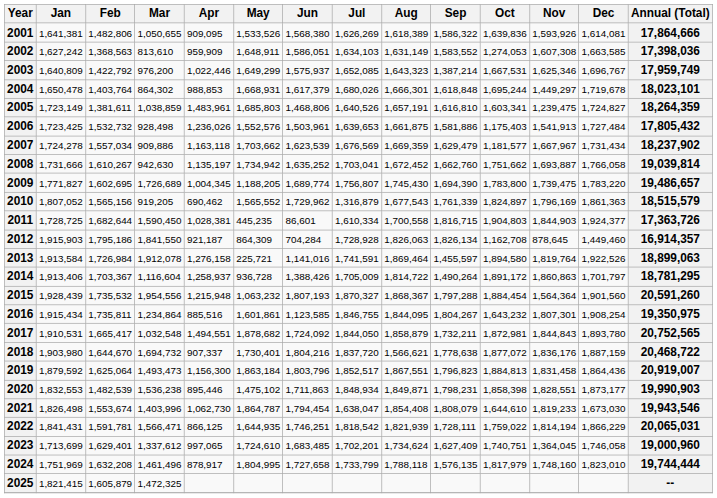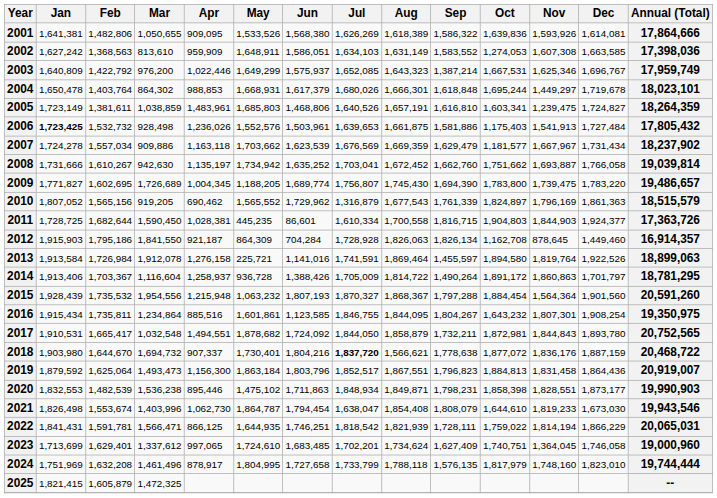 <table class="wikitable">
 <tr>
 <th>Year</th>
 <th>Jan</th>
 <th>Feb</th>
 <th>Mar</th>
 <th>Apr</th>
 <th>May</th>
 <th>Jun</th>
 <th>Jul</th>
 <th>Aug</th>
 <th>Sep</th>
 <th>Oct</th>
 <th>Nov</th>
 <th>Dec</th>
 <th>Annual (Total)</th>
 </tr>
 <tr>
 <th>2001</th>
 <td><small>1,641,381</small></td>
 <td><small>1,482,806</small></td>
 <td><small>1,050,655</small></td>
 <td><small>909,095</small></td>
 <td><small>1,533,526</small></td>
 <td><small>1,568,380</small></td>
 <td><small>1,626,269</small></td>
 <td><small>1,618,389</small></td>
 <td><small>1,586,322</small></td>
 <td><small>1,639,836</small></td>
 <td><small>1,593,926</small></td>
 <td><small>1,614,081</small></td>
 <th>17,864,666</th>
 </tr>
 <tr>
 <th>2002</th>
 <td><small>1,627,242</small></td>
 <td><small>1,368,563</small></td>
 <td><small>813,610</small></td>
 <td><small>959,909</small></td>
 <td><small>1,648,911</small></td>
 <td><small>1,586,051</small></td>
 <td><small>1,634,103</small></td>
 <td><small>1,631,149</small></td>
 <td><small>1,583,552</small></td>
 <td><small>1,274,053</small></td>
 <td><small>1,607,308</small></td>
 <td><small>1,663,585</small></td>
 <th>17,398,036</th>
 </tr>
 <tr>
 <th>2003</th>
 <td><small>1,640,809</small></td>
 <td><small>1,422,792</small></td>
 <td><small>976,200</small></td>
 <td><small>1,022,446</small></td>
 <td><small>1,649,299</small></td>
 <td><small>1,575,937</small></td>
 <td><small>1,652,085</small></td>
 <td><small>1,643,323</small></td>
 <td><small>1,387,214</small></td>
 <td><small>1,667,531</small></td>
 <td><small>1,625,346</small></td>
 <td><small>1,696,767</small></td>
 <th>17,959,749</th>
 </tr>
 <tr>
 <th>2004</th>
 <td><small>1,650,478</small></td>
 <td><small>1,403,764</small></td>
 <td><small>864,302</small></td>
 <td><small>988,853</small></td>
 <td><small>1,668,931</small></td>
 <td><small>1,617,379</small></td>
 <td><small>1,680,026</small></td>
 <td><small>1,666,301</small></td>
 <td><small>1,618,848</small></td>
 <td><small>1,695,244</small></td>
 <td><small>1,449,297</small></td>
 <td><small>1,719,678</small></td>
 <th>18,023,101</th>
 </tr>
 <tr>
 <th>2005</th>
 <td><small>1,723,149</small></td>
 <td><small>1,381,611</small></td>
 <td><small>1,038,859</small></td>
 <td><small>1,483,961</small></td>
 <td><small>1,685,803</small></td>
 <td><small>1,468,806</small></td>
 <td><small>1,640,526</small></td>
 <td><small>1,657,191</small></td>
 <td><small>1,616,810</small></td>
 <td><small>1,603,341</small></td>
 <td><small>1,239,475</small></td>
 <td><small>1,724,827</small></td>
 <th>18,264,359</th>
 </tr>
 <tr>
 <th>2006</th>
-<td><small>1,723,425</small></td>
+<td><strong><small>1,723,425</small></strong></td>
 <td><small>1,532,732</small></td>
 <td><small>928,498</small></td>
 <td><small>1,236,026</small></td>
 <td><small>1,552,576</small></td>
 <td><small>1,503,961</small></td>
 <td><small>1,639,653</small></td>
 <td><small>1,661,875</small></td>
 <td><small>1,581,886</small></td>
 <td><small>1,175,403</small></td>
 <td><small>1,541,913</small></td>
 <td><small>1,727,484</small></td>
 <th>17,805,432</th>
 </tr>
 <tr>
 <th>2007</th>
 <td><small>1,724,278</small></td>
 <td><small>1,557,034</small></td>
 <td><small>909,886</small></td>
 <td><small>1,163,118</small></td>
 <td><small>1,703,662</small></td>
 <td><small>1,623,539</small></td>
 <td><small>1,676,569</small></td>
 <td><small>1,669,359</small></td>
 <td><small>1,629,479</small></td>
 <td><small>1,181,577</small></td>
 <td><small>1,667,967</small></td>
 <td><small>1,731,434</small></td>
 <th>18,237,902</th>
 </tr>
 <tr>
 <th>2008</th>
 <td><small>1,731,666</small></td>
 <td><small>1,610,267</small></td>
 <td><small>942,630</small></td>
 <td><small>1,135,197</small></td>
 <td><small>1,734,942</small></td>
 <td><small>1,635,252</small></td>
 <td><small>1,703,041</small></td>
 <td><small>1,672,452</small></td>
 <td><small>1,662,760</small></td>
 <td><small>1,751,662</small></td>
 <td><small>1,693,887</small></td>
 <td><small>1,766,058</small></td>
 <th>19,039,814</th>
 </tr>
 <tr>
 <th>2009</th>
 <td><small>1,771,827</small></td>
 <td><small>1,602,695</small></td>
 <td><small>1,726,689</small></td>
 <td><small>1,004,345</small></td>
 <td><small>1,188,205</small></td>
 <td><small>1,689,774</small></td>
 <td><small>1,756,807</small></td>
 <td><small>1,745,430</small></td>
 <td><small>1,694,390</small></td>
 <td><small>1,783,800</small></td>
 <td><small>1,739,475</small></td>
 <td><small>1,783,220</small></td>
 <th>19,486,657</th>
 </tr>
 <tr>
 <th>2010</th>
 <td><small>1,807,052</small></td>
 <td><small>1,565,156</small></td>
 <td><small>919,205</small></td>
 <td><small>690,462</small></td>
 <td><small>1,565,552</small></td>
 <td><small>1,729,962</small></td>
 <td><small>1,316,879</small></td>
 <td><small>1,677,543</small></td>
 <td><small>1,761,339</small></td>
 <td><small>1,824,897</small></td>
 <td><small>1,796,169</small></td>
 <td><small>1,861,363</small></td>
 <th>18,515,579</th>
 </tr>
 <tr>
 <th>2011</th>
 <td><small>1,728,725</small></td>
 <td><small>1,682,644</small></td>
 <td><small>1,590,450</small></td>
 <td><small>1,028,381</small></td>
 <td><small>445,235</small></td>
 <td><small>86,601</small></td>
 <td><small>1,610,334</small></td>
 <td><small>1,700,558</small></td>
 <td><small>1,816,715</small></td>
 <td><small>1,904,803</small></td>
 <td><small>1,844,903</small></td>
 <td><small>1,924,377</small></td>
 <th>17,363,726</th>
 </tr>
 <tr>
 <th>2012</th>
 <td><small>1,915,903</small></td>
 <td><small>1,795,186</small></td>
 <td><small>1,841,550</small></td>
 <td><small>921,187</small></td>
 <td><small>864,309</small></td>
 <td><small>704,284</small></td>
 <td><small>1,728,928</small></td>
 <td><small>1,826,063</small></td>
 <td><small>1,826,134</small></td>
 <td><small>1,162,708</small></td>
 <td><small>878,645</small></td>
 <td><small>1,449,460</small></td>
 <th>16,914,357</th>
 </tr>
 <tr>
 <th>2013</th>
 <td><small>1,913,584</small></td>
 <td><small>1,726,984</small></td>
 <td><small>1,912,078</small></td>
 <td><small>1,276,158</small></td>
 <td><small>225,721</small></td>
 <td><small>1,141,016</small></td>
 <td><small>1,741,591</small></td>
 <td><small>1,869,464</small></td>
 <td><small>1,455,597</small></td>
 <td><small>1,894,580</small></td>
 <td><small>1,819,764</small></td>
 <td><small>1,922,526</small></td>
 <th>18,899,063</th>
 </tr>
 <tr>
 <th>2014</th>
 <td><small>1,913,406</small></td>
 <td><small>1,703,367</small></td>
 <td><small>1,116,604</small></td>
 <td><small>1,258,937</small></td>
 <td><small>936,728</small></td>
 <td><small>1,388,426</small></td>
 <td><small>1,705,009</small></td>
 <td><small>1,814,722</small></td>
 <td><small>1,490,264</small></td>
 <td><small>1,891,172</small></td>
 <td><small>1,860,863</small></td>
 <td><small>1,701,797</small></td>
 <th>18,781,295</th>
 </tr>
 <tr>
 <th>2015</th>
 <td><small>1,928,439</small></td>
 <td><small>1,735,532</small></td>
 <td><small>1,954,556</small></td>
 <td><small>1,215,948</small></td>
 <td><small>1,063,232</small></td>
 <td><small>1,807,193</small></td>
 <td><small>1,870,327</small></td>
 <td><small>1,868,367</small></td>
 <td><small>1,797,288</small></td>
 <td><small>1,884,454</small></td>
 <td><small>1,564,364</small></td>
 <td><small>1,901,560</small></td>
 <th>20,591,260</th>
 </tr>
 <tr>
 <th>2016</th>
 <td><small>1,915,434</small></td>
 <td><small>1,735,811</small></td>
 <td><small>1,234,864</small></td>
 <td><small>885,516</small></td>
 <td><small>1,601,861</small></td>
 <td><small>1,123,585</small></td>
 <td><small>1,846,755</small></td>
 <td><small>1,844,095</small></td>
 <td><small>1,804,267</small></td>
 <td><small>1,643,232</small></td>
 <td><small>1,807,301</small></td>
 <td><small>1,908,254</small></td>
 <th>19,350,975</th>
 </tr>
 <tr>
 <th>2017</th>
 <td><small>1,910,531</small></td>
 <td><small>1,665,417</small></td>
 <td><small>1,032,548</small></td>
 <td><small>1,494,551</small></td>
 <td><small>1,878,682</small></td>
 <td><small>1,724,092</small></td>
 <td><small>1,844,050</small></td>
 <td><small>1,858,879</small></td>
 <td><small>1,732,211</small></td>
 <td><small>1,872,981</small></td>
 <td><small>1,844,843</small></td>
 <td><small>1,893,780</small></td>
 <th>20,752,565</th>
 </tr>
 <tr>
 <th>2018</th>
 <td><small>1,903,980</small></td>
 <td><small>1,644,670</small></td>
 <td><small>1,694,732</small></td>
 <td><small>907,337</small></td>
 <td><small>1,730,401</small></td>
 <td><small>1,804,216</small></td>
-<td><small>1,837,720</small></td>
+<td><strong><small>1,837,720</small></strong></td>
 <td><small>1,566,621</small></td>
 <td><small>1,778,638</small></td>
 <td><small>1,877,072</small></td>
 <td><small>1,836,176</small></td>
 <td><small>1,887,159</small></td>
 <th>20,468,722</th>
 </tr>
 <tr>
 <th>2019</th>
 <td><small>1,879,592</small></td>
 <td><small>1,625,064</small></td>
 <td><small>1,493,473</small></td>
 <td><small>1,156,300</small></td>
 <td><small>1,863,184</small></td>
 <td><small>1,803,796</small></td>
 <td><small>1,852,517</small></td>
 <td><small>1,867,551</small></td>
 <td><small>1,796,823</small></td>
 <td><small>1,884,813</small></td>
 <td><small>1,831,458</small></td>
 <td><small>1,864,436</small></td>
 <th>20,919,007</th>
 </tr>
 <tr>
 <th>2020</th>
 <td><small>1,832,553</small></td>
 <td><small>1,482,539</small></td>
 <td><small>1,536,238</small></td>
 <td><small>895,446</small></td>
 <td><small>1,475,102</small></td>
 <td><small>1,711,863</small></td>
 <td><small>1,848,934</small></td>
 <td><small>1,849,871</small></td>
 <td><small>1,798,231</small></td>
 <td><small>1,858,398</small></td>
 <td><small>1,828,551</small></td>
 <td><small>1,873,177</small></td>
 <th>19,990,903</th>
 </tr>
 <tr>
 <th>2021</th>
 <td><small>1,826,498</small></td>
 <td><small>1,553,674</small></td>
 <td><small>1,403,996</small></td>
 <td><small>1,062,730</small></td>
 <td><small>1,864,787</small></td>
 <td><small>1,794,454</small></td>
 <td><small>1,638,047</small></td>
 <td><small>1,854,408</small></td>
 <td><small>1,808,079</small></td>
 <td><small>1,644,610</small></td>
 <td><small>1,819,233</small></td>
 <td><small>1,673,030</small></td>
 <th>19,943,546</th>
 </tr>
 <tr>
 <th>2022</th>
 <td><small>1,841,431</small></td>
 <td><small>1,591,781</small></td>
 <td><small>1,566,471</small></td>
 <td><small>866,125</small></td>
 <td><small>1,644,935</small></td>
 <td><small>1,746,251</small></td>
 <td><small>1,818,542</small></td>
 <td><small>1,821,939</small></td>
 <td><small>1,728,111</small></td>
 <td><small>1,759,022</small></td>
 <td><small>1,814,194</small></td>
 <td><small>1,866,229</small></td>
 <th>20,065,031</th>
 </tr>
 <tr>
 <th>2023</th>
 <td><small>1,713,699</small></td>
 <td><small>1,629,401</small></td>
 <td><small>1,337,612</small></td>
 <td><small>997,065</small></td>
 <td><small>1,724,610</small></td>
 <td><small>1,683,485</small></td>
 <td><small>1,702,201</small></td>
 <td><small>1,734,624</small></td>
 <td><small>1,627,409</small></td>
 <td><small>1,740,751</small></td>
 <td><small>1,364,045</small></td>
 <td><small>1,746,058</small></td>
 <th>19,000,960</th>
 </tr>
 <tr>
 <th>2024</th>
 <td><small>1,751,969</small></td>
 <td><small>1,632,208</small></td>
 <td><small>1,461,496</small></td>
 <td><small>878,917</small></td>
 <td><small>1,804,995</small></td>
 <td><small>1,727,658</small></td>
 <td><small>1,733,799</small></td>
 <td><small>1,788,118</small></td>
 <td><small>1,576,135</small></td>
 <td><small>1,817,979</small></td>
 <td><small>1,748,160</small></td>
 <td><small>1,823,010</small></td>
 <th>19,744,444</th>
 </tr>
 <tr>
 <th>2025</th>
 <td><small>1,821,415</small></td>
 <td><small>1,605,879</small></td>
 <td><small>1,472,325</small></td>
 <td><small></small></td>
 <td><small></small></td>
 <td><small></small></td>
 <td><small></small></td>
 <td><small></small></td>
 <td><small></small></td>
 <td><small></small></td>
 <td><small></small></td>
 <td><small></small></td>
 <th>--</th>
 </tr>
 <tr>
 </tr>
 </table>
